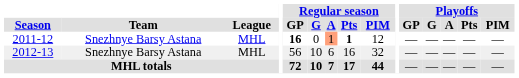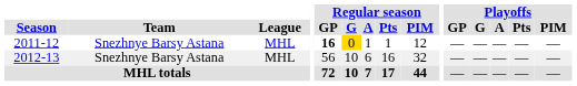 <table BORDER="0" CELLPADDING="0" CELLSPACING="0" width="75%" style="text-align:center">
 <tr bgcolor="#e0e0e0">
 <th colspan="3" bgcolor="#ffffff"> </th>
 <th rowspan="99" bgcolor="#ffffff"> </th>
 <th colspan="5"><a href='#'>Regular season</a></th>
 <th rowspan="99" bgcolor="#ffffff"> </th>
 <th colspan="5"><a href='#'>Playoffs</a></th>
 </tr>
 <tr bgcolor="#e0e0e0">
 <th><a href='#'>Season</a></th>
 <th>Team</th>
 <th>League</th>
 <th>GP</th>
 <th><a href='#'>G</a></th>
 <th><a href='#'>A</a></th>
 <th><a href='#'>Pts</a></th>
 <th><a href='#'>PIM</a></th>
 <th>GP</th>
 <th>G</th>
 <th>A</th>
 <th>Pts</th>
 <th>PIM</th>
 </tr>
 <tr>
 <td><a href='#'>2011-12</a></td>
 <td><a href='#'>Snezhnye Barsy Astana</a></td>
 <td><a href='#'>MHL</a></td>
 <td><strong>16</strong></td>
-<td>0</td>
-<td style="background: lightsalmon;">1</td>
-<td><strong>1</strong></td>
+<td style="background: gold;">0</td>
+<td>1</td>
+<td>1</td>
 <td>12</td>
 <td>—</td>
 <td>—</td>
 <td>—</td>
 <td>—</td>
 <td>—</td>
 </tr>
 <tr bgcolor="#f0f0f0">
 <td><a href='#'>2012-13</a></td>
 <td>Snezhnye Barsy Astana</td>
 <td>MHL</td>
 <td>56</td>
 <td>10</td>
 <td>6</td>
 <td>16</td>
 <td>32</td>
 <td>—</td>
 <td>—</td>
 <td>—</td>
 <td>—</td>
 <td>—</td>
 </tr>
 <tr style="background:#e0e0e0;">
 <th colspan="3">MHL totals</th>
 <th>72</th>
 <th>10</th>
 <th>7</th>
 <th>17</th>
 <th>44</th>
 <td>—</td>
 <td>—</td>
 <td>—</td>
 <td>—</td>
 <td>—</td>
 </tr>
 </table>
